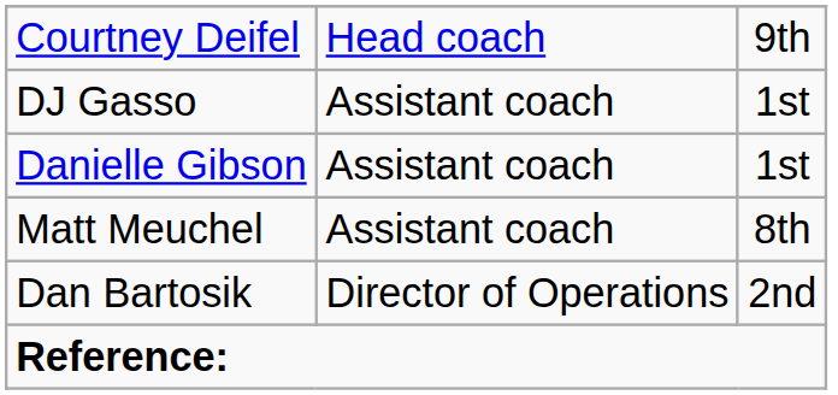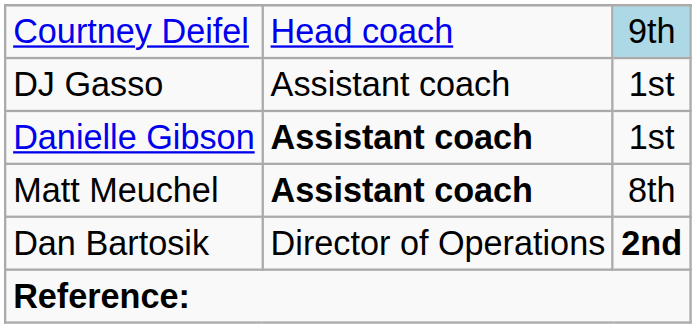 <table class="wikitable" style="font-size:93%;">
 <tr>
 </tr>
 <tr>
 </tr>
 <tr>
 <td><a href='#'>Courtney Deifel</a></td>
 <td><a href='#'>Head coach</a></td>
-<td align=center>9th</td>
+<td align=center style="background: lightblue;">9th</td>
 </tr>
 <tr>
 <td>DJ Gasso</td>
 <td>Assistant coach</td>
 <td align=center>1st</td>
 </tr>
 <tr>
 <td><a href='#'>Danielle Gibson</a></td>
-<td>Assistant coach</td>
+<td><strong>Assistant coach</strong></td>
 <td align=center>1st</td>
 </tr>
 <tr>
 <td>Matt Meuchel</td>
-<td>Assistant coach</td>
+<td><strong>Assistant coach</strong></td>
 <td align=center>8th</td>
 </tr>
 <tr>
 <td>Dan Bartosik</td>
 <td>Director of Operations</td>
-<td align=center>2nd</td>
+<td align=center><strong>2nd</strong></td>
 </tr>
 <tr>
 <td colspan=4><strong>Reference:</strong></td>
 </tr>
 </table>
